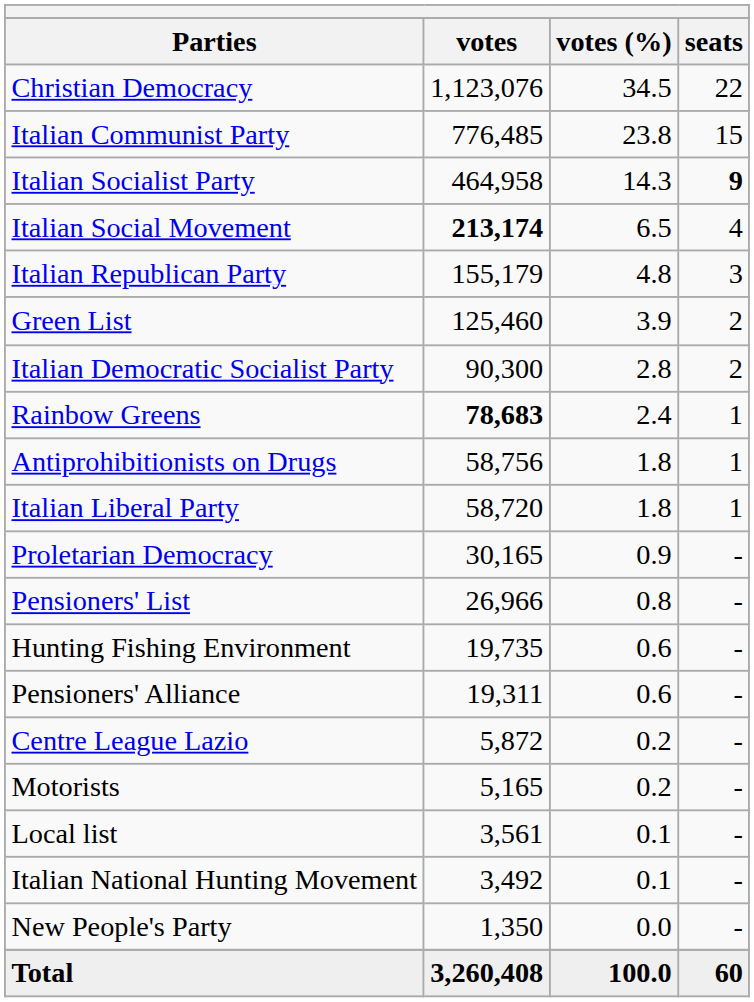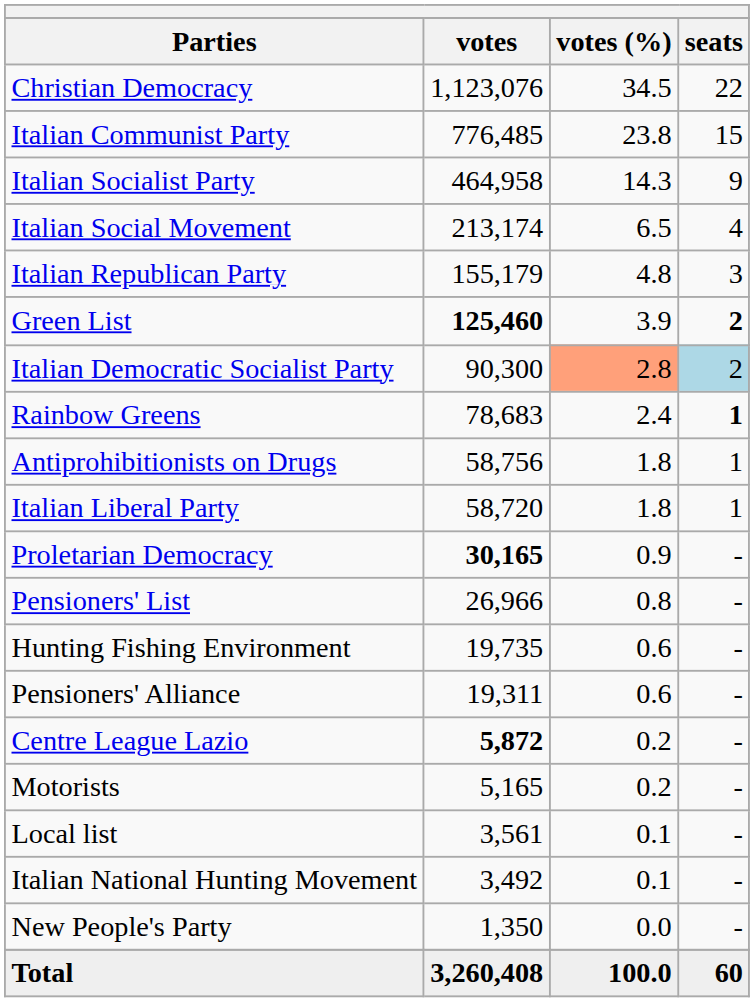 <table class="wikitable" style="font-size:95%">
 <tr>
 <th colspan=4></th>
 </tr>
 <tr>
 </tr>
 <tr bgcolor="EFEFEF">
 <th>Parties</th>
 <th>votes</th>
 <th>votes (%)</th>
 <th>seats</th>
 </tr>
 <tr>
 <td><a href='#'>Christian Democracy</a></td>
 <td align=right>1,123,076</td>
 <td align=right>34.5</td>
 <td align=right>22</td>
 </tr>
 <tr>
 <td><a href='#'>Italian Communist Party</a></td>
 <td align=right>776,485</td>
 <td align=right>23.8</td>
 <td align=right>15</td>
 </tr>
 <tr>
 <td><a href='#'>Italian Socialist Party</a></td>
 <td align=right>464,958</td>
 <td align=right>14.3</td>
-<td align=right><strong>9</strong></td>
+<td align=right>9</td>
 </tr>
 <tr>
 <td><a href='#'>Italian Social Movement</a></td>
-<td align=right><strong>213,174</strong></td>
+<td align=right>213,174</td>
 <td align=right>6.5</td>
 <td align=right>4</td>
 </tr>
 <tr>
 <td><a href='#'>Italian Republican Party</a></td>
 <td align=right>155,179</td>
 <td align=right>4.8</td>
 <td align=right>3</td>
 </tr>
 <tr>
 <td><a href='#'>Green List</a></td>
-<td align=right>125,460</td>
+<td align=right><strong>125,460</strong></td>
 <td align=right>3.9</td>
-<td align=right>2</td>
+<td align=right><strong>2</strong></td>
 </tr>
 <tr>
 <td><a href='#'>Italian Democratic Socialist Party</a></td>
 <td align=right>90,300</td>
-<td align=right>2.8</td>
-<td align=right>2</td>
+<td align=right style="background: lightsalmon;">2.8</td>
+<td align=right style="background: lightblue;">2</td>
 </tr>
 <tr>
 <td><a href='#'>Rainbow Greens</a></td>
-<td align=right><strong>78,683</strong></td>
+<td align=right>78,683</td>
 <td align=right>2.4</td>
-<td align=right>1</td>
+<td align=right><strong>1</strong></td>
 </tr>
 <tr>
 <td><a href='#'>Antiprohibitionists on Drugs</a></td>
 <td align=right>58,756</td>
 <td align=right>1.8</td>
 <td align=right>1</td>
 </tr>
 <tr>
 <td><a href='#'>Italian Liberal Party</a></td>
 <td align=right>58,720</td>
 <td align=right>1.8</td>
 <td align=right>1</td>
 </tr>
 <tr>
 <td><a href='#'>Proletarian Democracy</a></td>
-<td align=right>30,165</td>
+<td align=right><strong>30,165</strong></td>
 <td align=right>0.9</td>
 <td align=right>-</td>
 </tr>
 <tr>
 <td><a href='#'>Pensioners' List</a></td>
 <td align=right>26,966</td>
 <td align=right>0.8</td>
 <td align=right>-</td>
 </tr>
 <tr>
 <td>Hunting Fishing Environment</td>
 <td align=right>19,735</td>
 <td align=right>0.6</td>
 <td align=right>-</td>
 </tr>
 <tr>
 <td>Pensioners' Alliance</td>
 <td align=right>19,311</td>
 <td align=right>0.6</td>
 <td align=right>-</td>
 </tr>
 <tr>
 <td><a href='#'>Centre League Lazio</a></td>
-<td align=right>5,872</td>
+<td align=right><strong>5,872</strong></td>
 <td align=right>0.2</td>
 <td align=right>-</td>
 </tr>
 <tr>
 <td>Motorists</td>
 <td align=right>5,165</td>
 <td align=right>0.2</td>
 <td align=right>-</td>
 </tr>
 <tr>
 <td>Local list</td>
 <td align=right>3,561</td>
 <td align=right>0.1</td>
 <td align=right>-</td>
 </tr>
 <tr>
 <td>Italian National Hunting Movement</td>
 <td align=right>3,492</td>
 <td align=right>0.1</td>
 <td align=right>-</td>
 </tr>
 <tr>
 <td>New People's Party</td>
 <td align=right>1,350</td>
 <td align=right>0.0</td>
 <td align=right>-</td>
 </tr>
 <tr>
 </tr>
 <tr bgcolor="EFEFEF">
 <td><strong>Total</strong></td>
 <td align=right><strong>3,260,408</strong></td>
 <td align=right><strong>100.0</strong></td>
 <td align=right><strong>60</strong></td>
 </tr>
 </table>
